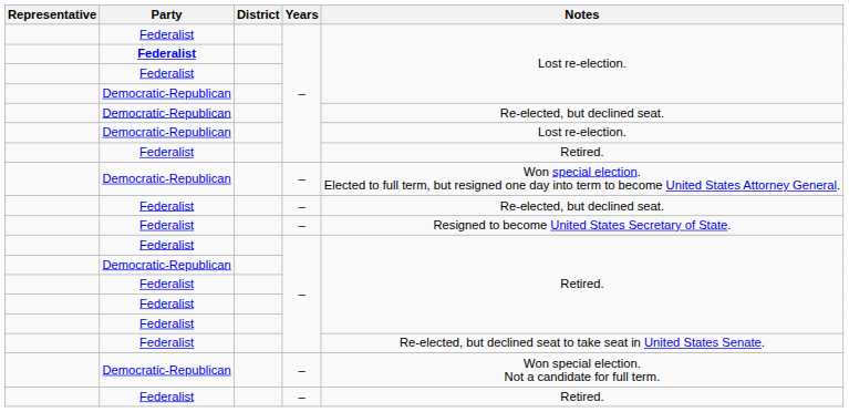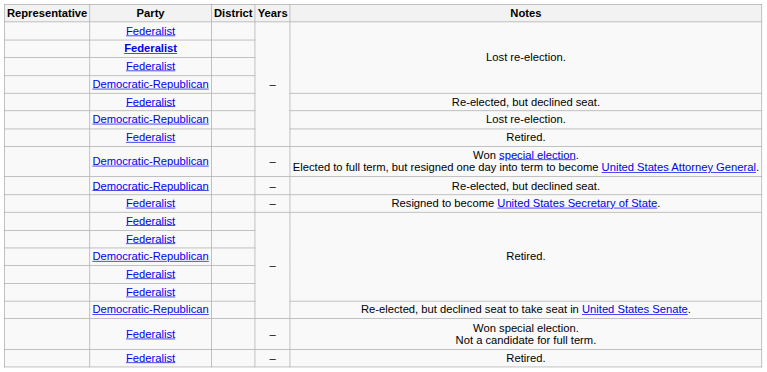 <table class="wikitable sortable" style="text-align:center">
 <tr valign=bottom>
 <th>Representative</th>
 <th>Party</th>
 <th>District</th>
 <th>Years</th>
 <th>Notes</th>
 </tr>
 <tr>
 <td align=left></td>
 <td><a href='#'>Federalist</a></td>
 <td></td>
 <td rowspan="7" nowrap=""> –<br></td>
 <td rowspan="4">Lost re-election.</td>
 </tr>
 <tr>
 <td align=left></td>
 <td><strong><a href='#'>Federalist</a></strong></td>
 <td></td>
 </tr>
 <tr>
 <td align=left></td>
 <td><a href='#'>Federalist</a></td>
 <td></td>
 </tr>
 <tr>
 <td align=left></td>
 <td><a href='#'>Democratic-Republican</a></td>
 <td></td>
 </tr>
 <tr>
 <td align=left></td>
-<td><a href='#'>Democratic-Republican</a></td>
+<td><a href='#'>Federalist</a></td>
 <td></td>
 <td>Re-elected, but declined seat.</td>
 </tr>
 <tr>
 <td align=left></td>
 <td><a href='#'>Democratic-Republican</a></td>
 <td></td>
 <td>Lost re-election.</td>
 </tr>
 <tr>
 <td align=left></td>
 <td><a href='#'>Federalist</a></td>
 <td></td>
 <td>Retired.</td>
 </tr>
 <tr>
 <td align=left></td>
 <td><a href='#'>Democratic-Republican</a></td>
 <td></td>
 <td nowrap> –<br></td>
 <td>Won <a href='#'>special election</a>.<br>Elected to full term, but resigned one day into term to become <a href='#'>United States Attorney General</a>.</td>
 </tr>
 <tr>
 <td align=left></td>
-<td><a href='#'>Federalist</a></td>
+<td><a href='#'>Democratic-Republican</a></td>
 <td></td>
 <td nowrap> –<br></td>
 <td>Re-elected, but declined seat.</td>
 </tr>
 <tr>
 <td align=left></td>
 <td><a href='#'>Federalist</a></td>
 <td></td>
 <td nowrap> –<br></td>
 <td>Resigned to become <a href='#'>United States Secretary of State</a>.</td>
 </tr>
 <tr>
 <td align=left></td>
 <td><a href='#'>Federalist</a></td>
 <td></td>
 <td rowspan="6" nowrap=""> –<br></td>
 <td rowspan="5">Retired.</td>
 </tr>
 <tr>
 <td align=left></td>
+<td><a href='#'>Federalist</a></td>
+<td></td>
+</tr>
+<tr>
+<td align=left></td>
 <td><a href='#'>Democratic-Republican</a></td>
 <td></td>
 </tr>
 <tr>
 <td align=left></td>
 <td><a href='#'>Federalist</a></td>
 <td></td>
 </tr>
 <tr>
 <td align=left></td>
 <td><a href='#'>Federalist</a></td>
 <td></td>
 </tr>
 <tr>
 <td align=left></td>
-<td><a href='#'>Federalist</a></td>
-<td></td>
-</tr>
-<tr>
-<td align=left></td>
-<td><a href='#'>Federalist</a></td>
+<td><a href='#'>Democratic-Republican</a></td>
 <td></td>
 <td>Re-elected, but declined seat to take seat in <a href='#'>United States Senate</a>.</td>
 </tr>
 <tr>
 <td align=left></td>
-<td><a href='#'>Democratic-Republican</a></td>
+<td><a href='#'>Federalist</a></td>
 <td></td>
 <td nowrap> –<br></td>
 <td>Won special election.<br>Not a candidate for full term.</td>
 </tr>
 <tr>
 <td align=left></td>
 <td><a href='#'>Federalist</a></td>
 <td></td>
 <td nowrap> –<br></td>
 <td>Retired.</td>
 </tr>
 </table>
